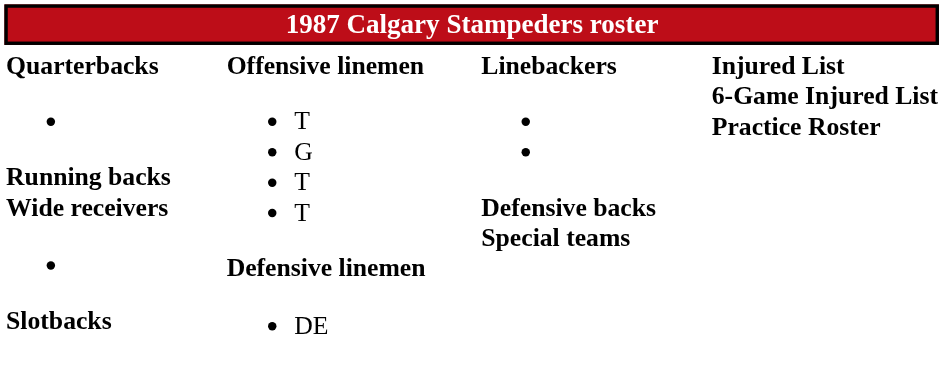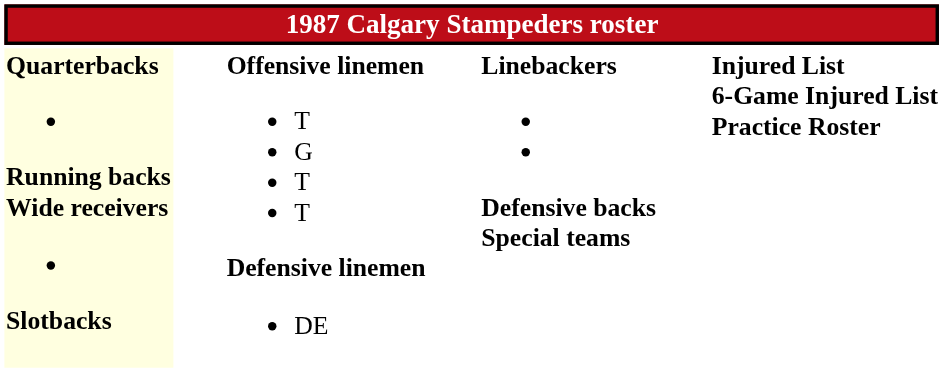 <table class="toccolours" style="text-align: left;">
 <tr>
 <th colspan="9" style="background-color: #BD0D18; color:white; border:2px solid black; text-align: center">1987 Calgary Stampeders roster</th>
 </tr>
 <tr>
-<td style="font-size: 95%;vertical-align:top;"><strong>Quarterbacks</strong><br><ul><li></li></ul><strong>Running backs</strong><br><strong>Wide receivers</strong><ul><li></li></ul><strong>Slotbacks</strong></td>
+<td style="background: lightyellow; font-size: 95%;vertical-align:top;"><strong>Quarterbacks</strong><br><ul><li></li></ul><strong>Running backs</strong><br><strong>Wide receivers</strong><ul><li></li></ul><strong>Slotbacks</strong></td>
 <td style="width: 25px;"></td>
 <td style="font-size: 95%;vertical-align:top;"><strong>Offensive linemen</strong><br><ul><li> T</li><li> G</li><li> T</li><li> T</li></ul><strong>Defensive linemen</strong><ul><li> DE</li></ul></td>
 <td style="width: 25px;"></td>
 <td style="font-size: 95%;vertical-align:top;"><strong>Linebackers </strong><br><ul><li></li><li></li></ul><strong>Defensive backs</strong><br><strong>Special teams</strong></td>
 <td style="width: 25px;"></td>
 <td style="font-size: 95%;vertical-align:top;"><strong>Injured List</strong><br><strong>6-Game Injured List</strong><br><strong>Practice Roster</strong><br></td>
 </tr>
 <tr>
 </tr>
 </table>
